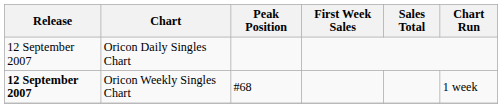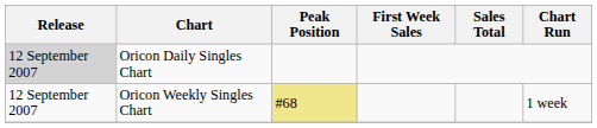 <table class="wikitable" width="650px">
 <tr>
 <th align="left">Release</th>
 <th align="left">Chart</th>
 <th align="left">Peak Position</th>
 <th align="left">First Week Sales</th>
 <th align="left">Sales Total</th>
 <th align="left">Chart Run</th>
 </tr>
 <tr>
-<td align="left">12 September 2007</td>
+<td align="left" style="background: lightgrey;">12 September 2007</td>
 <td align="left">Oricon Daily Singles Chart</td>
 <td align="left"></td>
 </tr>
 <tr>
-<td align="left"><strong>12 September 2007</strong></td>
+<td align="left">12 September 2007</td>
 <td align="left">Oricon Weekly Singles Chart</td>
-<td align="left">#68</td>
+<td align="left" style="background: khaki;">#68</td>
 <td align="left"></td>
 <td align="left"></td>
 <td align="left">1 week</td>
 </tr>
 <tr>
 </tr>
 </table>
